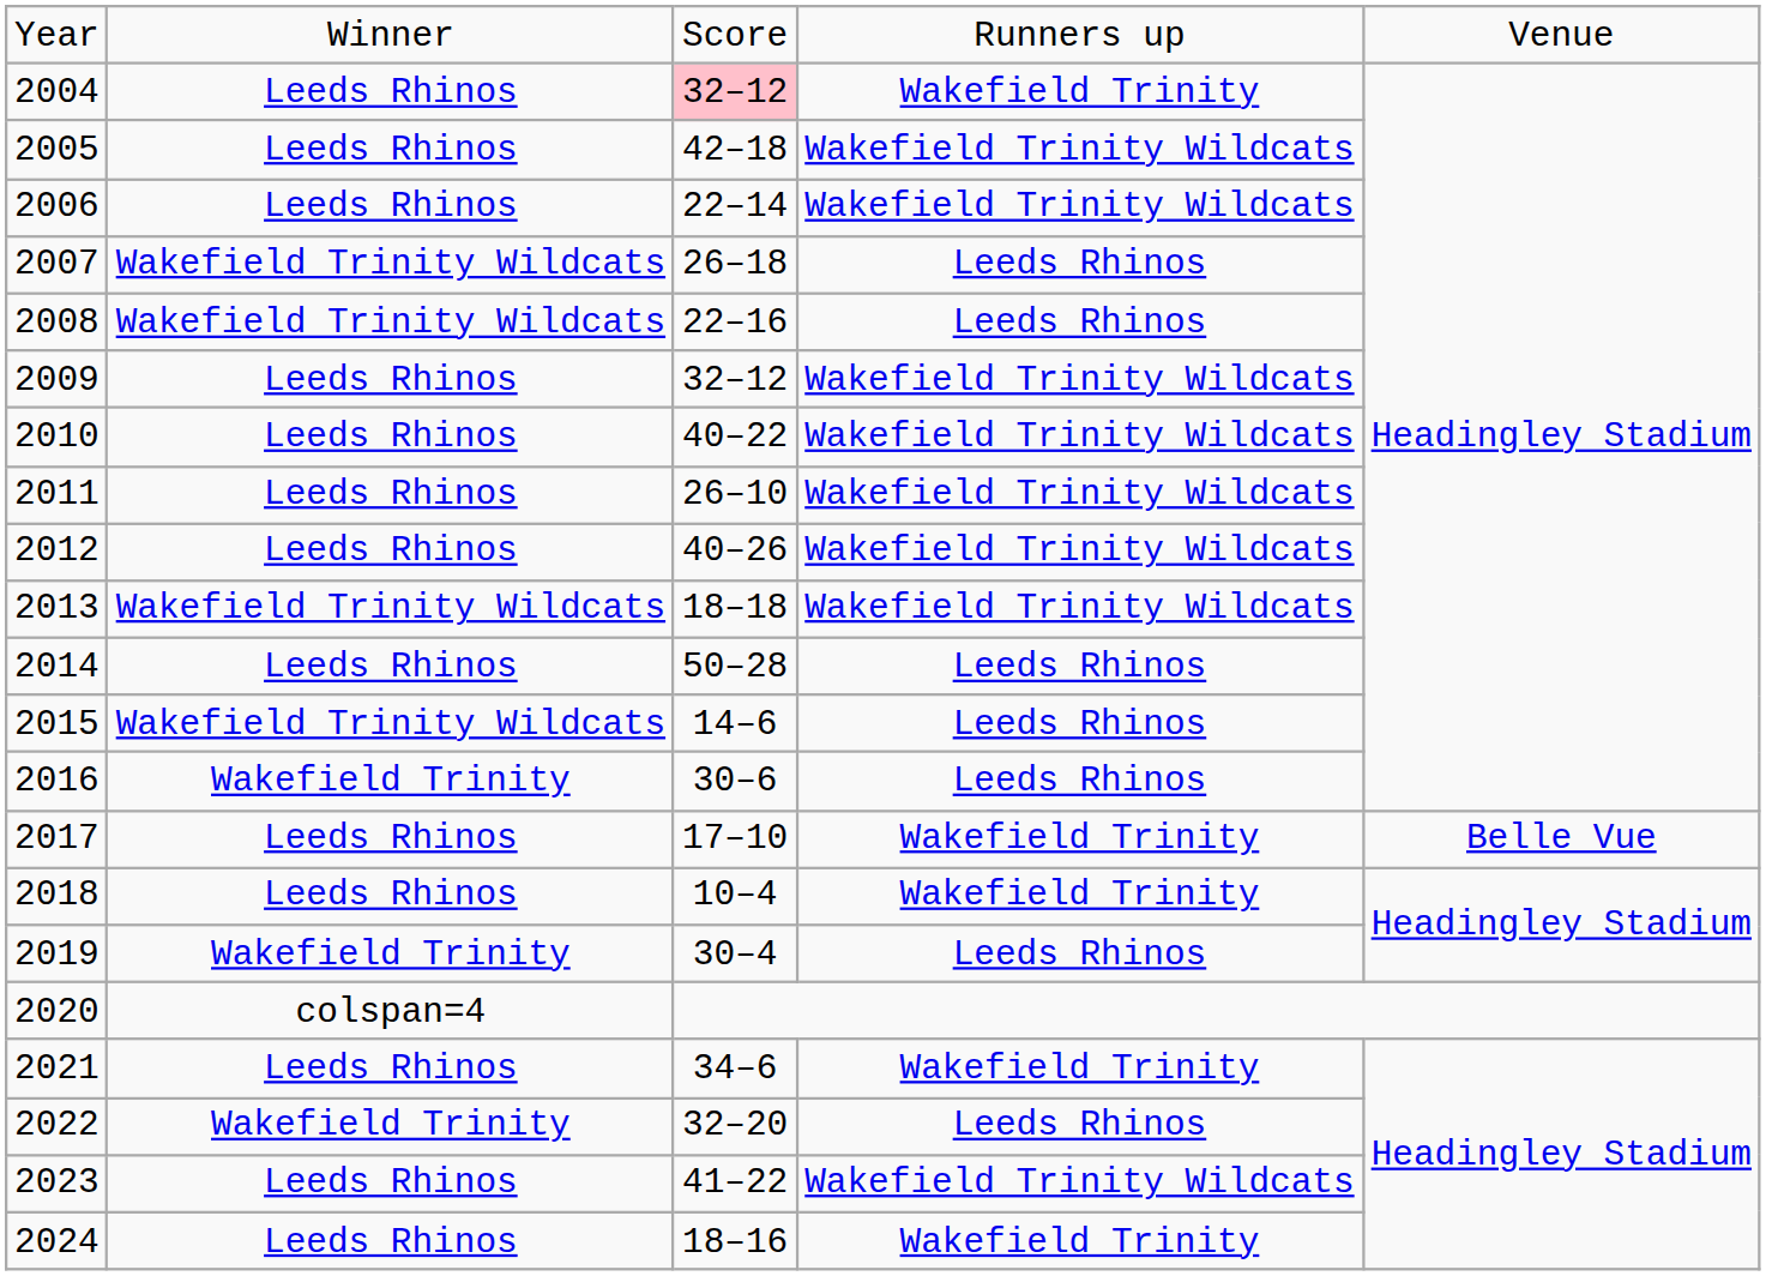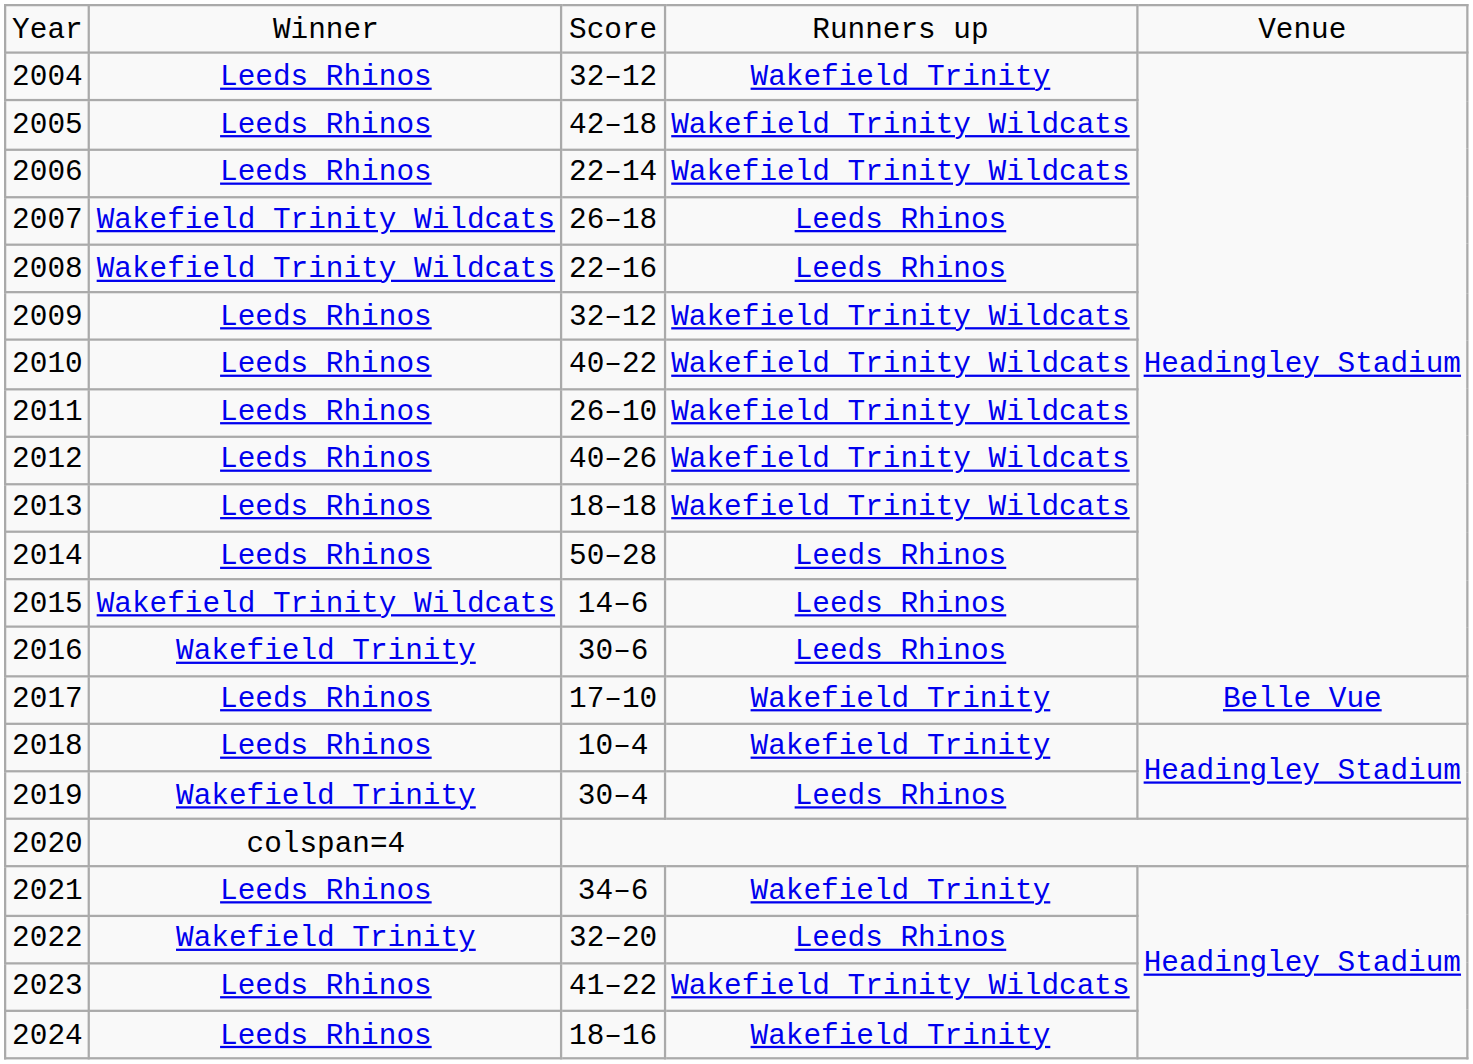 <table class="wikitable" style="text-align:center;">
 <tr>
 <td>Year</td>
 <td>Winner</td>
 <td>Score</td>
 <td>Runners up</td>
 <td>Venue</td>
 </tr>
 <tr>
 <td>2004</td>
 <td> <a href='#'>Leeds Rhinos</a></td>
-<td style="background: pink;">32–12</td>
+<td>32–12</td>
 <td> <a href='#'>Wakefield Trinity</a></td>
 <td rowspan=13><a href='#'>Headingley Stadium</a></td>
 </tr>
 <tr>
 <td>2005</td>
 <td> <a href='#'>Leeds Rhinos</a></td>
 <td>42–18</td>
 <td> <a href='#'>Wakefield Trinity Wildcats</a></td>
 </tr>
 <tr>
 <td>2006</td>
 <td> <a href='#'>Leeds Rhinos</a></td>
 <td>22–14</td>
 <td> <a href='#'>Wakefield Trinity Wildcats</a></td>
 </tr>
 <tr>
 <td>2007</td>
 <td> <a href='#'>Wakefield Trinity Wildcats</a></td>
 <td>26–18</td>
 <td> <a href='#'>Leeds Rhinos</a></td>
 </tr>
 <tr>
 <td>2008</td>
 <td> <a href='#'>Wakefield Trinity Wildcats</a></td>
 <td>22–16</td>
 <td> <a href='#'>Leeds Rhinos</a></td>
 </tr>
 <tr>
 <td>2009</td>
 <td> <a href='#'>Leeds Rhinos</a></td>
 <td>32–12</td>
 <td> <a href='#'>Wakefield Trinity Wildcats</a></td>
 </tr>
 <tr>
 <td>2010</td>
 <td> <a href='#'>Leeds Rhinos</a></td>
 <td>40–22</td>
 <td> <a href='#'>Wakefield Trinity Wildcats</a></td>
 </tr>
 <tr>
 <td>2011</td>
 <td> <a href='#'>Leeds Rhinos</a></td>
 <td>26–10</td>
 <td> <a href='#'>Wakefield Trinity Wildcats</a></td>
 </tr>
 <tr>
 <td>2012</td>
 <td> <a href='#'>Leeds Rhinos</a></td>
 <td>40–26</td>
 <td> <a href='#'>Wakefield Trinity Wildcats</a></td>
 </tr>
 <tr>
 <td>2013</td>
-<td> <a href='#'>Wakefield Trinity Wildcats</a></td>
+<td> <a href='#'>Leeds Rhinos</a></td>
 <td>18–18</td>
 <td> <a href='#'>Wakefield Trinity Wildcats</a></td>
 </tr>
 <tr>
 <td>2014</td>
 <td> <a href='#'>Leeds Rhinos</a></td>
 <td>50–28</td>
 <td> <a href='#'>Leeds Rhinos</a></td>
 </tr>
 <tr>
 <td>2015</td>
 <td> <a href='#'>Wakefield Trinity Wildcats</a></td>
 <td>14–6</td>
 <td> <a href='#'>Leeds Rhinos</a></td>
 </tr>
 <tr>
 <td>2016</td>
 <td> <a href='#'>Wakefield Trinity</a></td>
 <td>30–6</td>
 <td> <a href='#'>Leeds Rhinos</a></td>
 </tr>
 <tr>
 <td>2017</td>
 <td> <a href='#'>Leeds Rhinos</a></td>
 <td>17–10</td>
 <td> <a href='#'>Wakefield Trinity</a></td>
 <td><a href='#'>Belle Vue</a></td>
 </tr>
 <tr>
 <td>2018</td>
 <td> <a href='#'>Leeds Rhinos</a></td>
 <td>10–4</td>
 <td> <a href='#'>Wakefield Trinity</a></td>
 <td rowspan=2><a href='#'>Headingley Stadium</a></td>
 </tr>
 <tr>
 <td>2019</td>
 <td> <a href='#'>Wakefield Trinity</a></td>
 <td>30–4</td>
 <td> <a href='#'>Leeds Rhinos</a></td>
 </tr>
 <tr>
 <td>2020</td>
 <td>colspan=4</td>
 </tr>
 <tr>
 <td>2021</td>
 <td> <a href='#'>Leeds Rhinos</a></td>
 <td>34–6</td>
 <td> <a href='#'>Wakefield Trinity</a></td>
 <td rowspan=4><a href='#'>Headingley Stadium</a></td>
 </tr>
 <tr>
 <td>2022</td>
 <td> <a href='#'>Wakefield Trinity</a></td>
 <td>32–20</td>
 <td> <a href='#'>Leeds Rhinos</a></td>
 </tr>
 <tr>
 <td>2023</td>
 <td> <a href='#'>Leeds Rhinos</a></td>
 <td>41–22</td>
 <td> <a href='#'>Wakefield Trinity Wildcats</a></td>
 </tr>
 <tr>
 <td>2024</td>
 <td> <a href='#'>Leeds Rhinos</a></td>
 <td>18–16</td>
 <td> <a href='#'>Wakefield Trinity</a></td>
 </tr>
 </table>
